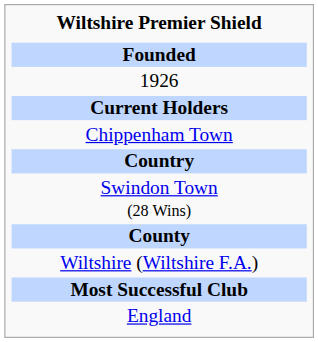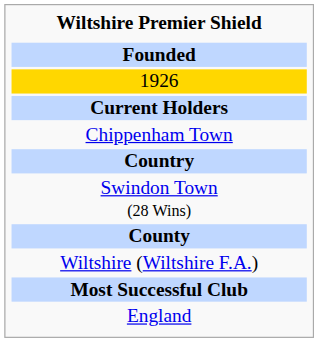 <table class="infobox football" style="width: 16em; text-align: center;">
 <tr>
 <th style="">Wiltshire Premier Shield</th>
 </tr>
 <tr>
 <td style=""></td>
 </tr>
 <tr>
 <td style="background: #BFD7FF;"><strong>Founded</strong></td>
 </tr>
 <tr>
-<td style="">1926</td>
+<td style="background: gold; ">1926</td>
 </tr>
 <tr>
 <td style="background: #BFD7FF;"><strong>Current Holders</strong></td>
 </tr>
 <tr>
 <td style=""><a href='#'>Chippenham Town</a></td>
 </tr>
 <tr>
 <td style="background: #BFD7FF;"><strong>Country</strong></td>
 </tr>
 <tr>
 <td style=""><a href='#'>Swindon Town</a><br><small>(28 Wins)</small></td>
 </tr>
 <tr>
 <td style="background: #BFD7FF;"><strong>County</strong></td>
 </tr>
 <tr>
 <td style=""> <a href='#'>Wiltshire</a> (<a href='#'>Wiltshire F.A.</a>)</td>
 </tr>
 <tr>
 <td style="background: #BFD7FF;"><strong>Most Successful Club</strong></td>
 </tr>
 <tr>
 <td style=""> <a href='#'>England</a></td>
 </tr>
 <tr>
 </tr>
 </table>
